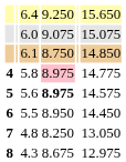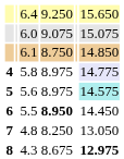 <table>
 <tr style="background:#fffcaf;">
 <td></td>
 <td align=left></td>
 <td>6.4</td>
 <td>9.250</td>
 <td></td>
 <td>15.650</td>
 </tr>
 <tr style="background:#e5e5e5;">
 <td></td>
 <td align=left></td>
 <td>6.0</td>
 <td>9.075</td>
 <td></td>
 <td>15.075</td>
 </tr>
 <tr style="background:#ec9;">
 <td></td>
 <td align=left></td>
 <td>6.1</td>
 <td>8.750</td>
 <td></td>
 <td>14.850</td>
 </tr>
 <tr>
 <th><strong>4</strong></th>
 <td align=left></td>
 <td>5.8</td>
-<td style="background: pink;">8.975</td>
+<td>8.975</td>
 <td></td>
-<td>14.775</td>
+<td style="background: lavender;">14.775</td>
 </tr>
 <tr>
 <th><strong>5</strong></th>
 <td align=left></td>
 <td>5.6</td>
-<td><strong>8.975</strong></td>
+<td>8.975</td>
 <td></td>
-<td>14.575</td>
+<td style="background: paleturquoise;">14.575</td>
 </tr>
 <tr>
 <th><strong>6</strong></th>
 <td align=left></td>
 <td>5.5</td>
-<td>8.950</td>
+<td><strong>8.950</strong></td>
 <td></td>
 <td>14.450</td>
 </tr>
 <tr>
 <th><strong>7</strong></th>
 <td align=left></td>
 <td>4.8</td>
 <td>8.250</td>
 <td></td>
 <td>13.050</td>
 </tr>
 <tr>
 <th><strong>8</strong></th>
 <td align=left></td>
 <td>4.3</td>
 <td>8.675</td>
 <td></td>
-<td>12.975</td>
+<td><strong>12.975</strong></td>
 </tr>
 </table>
